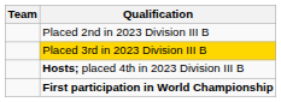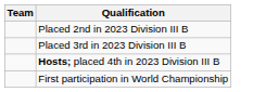 <table class="wikitable">
 <tr>
 <th>Team</th>
 <th>Qualification</th>
 </tr>
 <tr>
 <td></td>
 <td>Placed 2nd in 2023 Division III B</td>
 </tr>
 <tr>
 <td></td>
-<td style="background: gold;">Placed 3rd in 2023 Division III B</td>
+<td>Placed 3rd in 2023 Division III B</td>
 </tr>
 <tr>
 <td></td>
 <td><strong>Hosts;</strong> placed 4th in 2023 Division III B</td>
 </tr>
 <tr>
 <td></td>
-<td><strong>First participation in World Championship</strong></td>
+<td>First participation in World Championship</td>
 </tr>
 </table>
